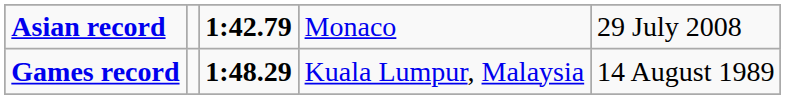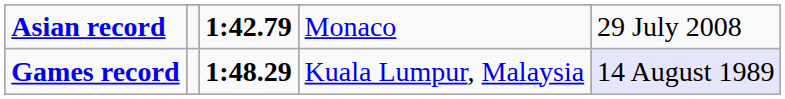 <table class="wikitable">
 <tr>
 <td><strong><a href='#'>Asian record</a></strong></td>
 <td></td>
 <td><strong>1:42.79</strong></td>
 <td><a href='#'>Monaco</a></td>
 <td>29 July 2008</td>
 </tr>
 <tr>
 <td><strong><a href='#'>Games record</a></strong></td>
 <td></td>
 <td><strong>1:48.29</strong></td>
 <td><a href='#'>Kuala Lumpur</a>, <a href='#'>Malaysia</a></td>
-<td>14 August 1989</td>
+<td style="background: lavender;">14 August 1989</td>
 </tr>
 </table>
